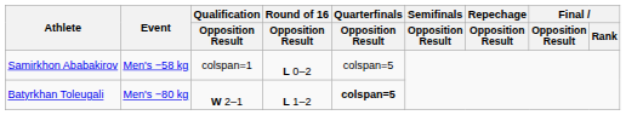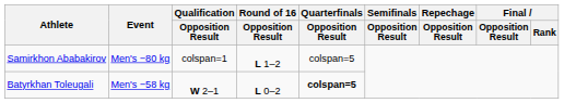 <table class=wikitable style=font-size:90%;text-align:center>
 <tr>
 <th rowspan=2>Athlete</th>
 <th rowspan=2>Event</th>
 <th>Qualification</th>
 <th>Round of 16</th>
 <th>Quarterfinals</th>
 <th>Semifinals</th>
 <th>Repechage</th>
 <th colspan=2>Final / </th>
 </tr>
 <tr style=font-size:95%>
 <th>Opposition<br>Result</th>
 <th>Opposition<br>Result</th>
 <th>Opposition<br>Result</th>
 <th>Opposition<br>Result</th>
 <th>Opposition<br>Result</th>
 <th>Opposition<br>Result</th>
 <th>Rank</th>
 </tr>
 <tr>
 <td align=left><a href='#'>Samirkhon Ababakirov</a></td>
-<td align=left><a href='#'>Men's −58 kg</a></td>
+<td align=left><a href='#'>Men's −80 kg</a></td>
 <td>colspan=1 </td>
-<td><br> <strong>L</strong> 0–2</td>
+<td><br> <strong>L</strong> 1–2</td>
 <td>colspan=5 </td>
 </tr>
 <tr>
 <td align=left><a href='#'>Batyrkhan Toleugali</a></td>
-<td align=left><a href='#'>Men's −80 kg</a></td>
+<td align=left><a href='#'>Men's −58 kg</a></td>
 <td><br> <strong>W</strong> 2–1</td>
-<td><br> <strong>L</strong> 1–2</td>
+<td><br> <strong>L</strong> 0–2</td>
 <td><strong>colspan=5 </strong></td>
 </tr>
 </table>
